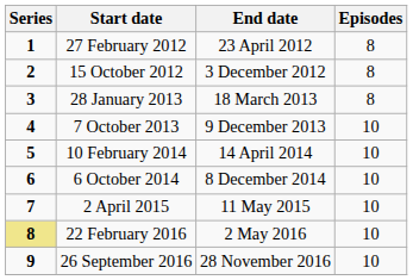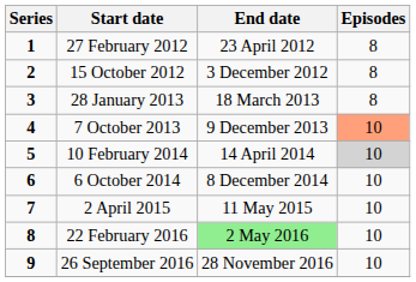 <table class="wikitable" style="text-align:center;">
 <tr>
 <th>Series</th>
 <th>Start date</th>
 <th>End date</th>
 <th>Episodes</th>
 </tr>
 <tr>
 <td><strong>1</strong></td>
 <td>27 February 2012</td>
 <td>23 April 2012</td>
 <td>8</td>
 </tr>
 <tr>
 <td><strong>2</strong></td>
 <td>15 October 2012</td>
 <td>3 December 2012</td>
 <td>8</td>
 </tr>
 <tr>
 <td><strong>3</strong></td>
 <td>28 January 2013</td>
 <td>18 March 2013</td>
 <td>8</td>
 </tr>
 <tr>
 <td><strong>4</strong></td>
 <td>7 October 2013</td>
 <td>9 December 2013</td>
-<td>10</td>
+<td style="background: lightsalmon;">10</td>
 </tr>
 <tr>
 <td><strong>5</strong></td>
 <td>10 February 2014</td>
 <td>14 April 2014</td>
-<td>10</td>
+<td style="background: lightgrey;">10</td>
 </tr>
 <tr>
 <td><strong>6</strong></td>
 <td>6 October 2014</td>
 <td>8 December 2014</td>
 <td>10</td>
 </tr>
 <tr>
 <td><strong>7</strong></td>
 <td>2 April 2015</td>
 <td>11 May 2015</td>
 <td>10</td>
 </tr>
 <tr>
-<td style="background: khaki;"><strong>8</strong></td>
+<td><strong>8</strong></td>
 <td>22 February 2016</td>
-<td>2 May 2016</td>
+<td style="background: lightgreen;">2 May 2016</td>
 <td>10</td>
 </tr>
 <tr>
 <td><strong>9</strong></td>
 <td>26 September 2016</td>
 <td>28 November 2016</td>
 <td>10</td>
 </tr>
 <tr>
 </tr>
 </table>
